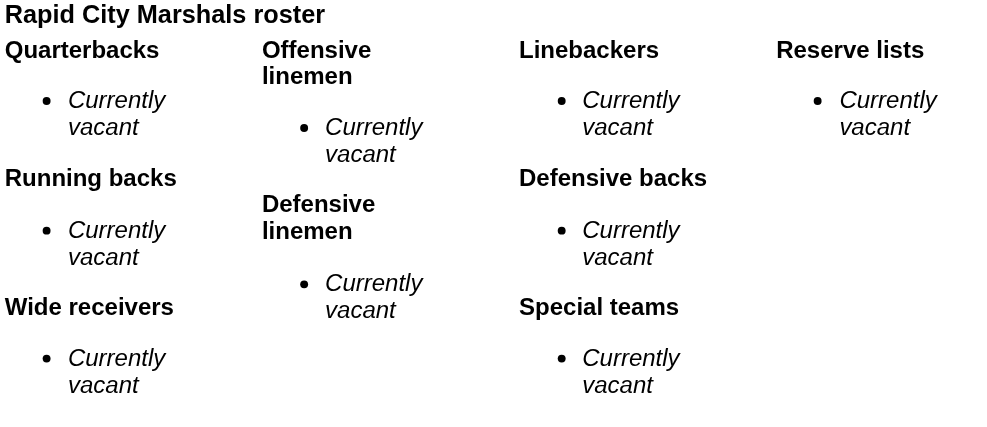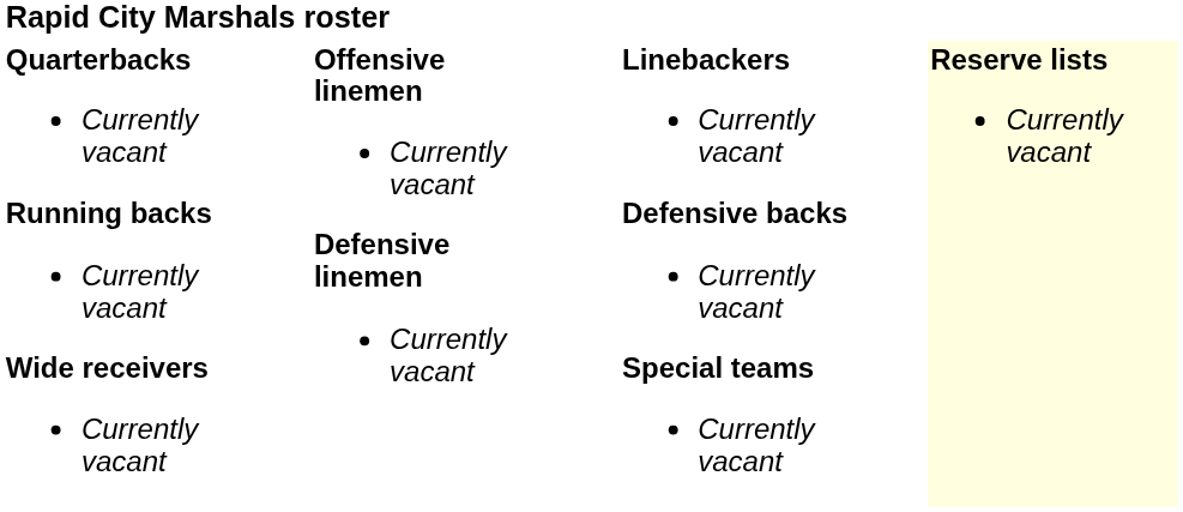 <table class="toccolours" style="text-align: left;">
 <tr>
 <th colspan="7">Rapid City Marshals roster</th>
 </tr>
 <tr>
 <td style="font-size: 95%;vertical-align:top;"><strong>Quarterbacks</strong><br><ul><li><em>Currently vacant</em></li></ul><strong>Running backs</strong><ul><li><em>Currently vacant</em></li></ul><strong>Wide receivers</strong><ul><li><em>Currently vacant</em></li></ul></td>
 <td style="width: 25px;"></td>
 <td style="font-size: 95%;vertical-align:top;"><strong>Offensive linemen</strong><br><ul><li><em>Currently vacant</em></li></ul><strong>Defensive linemen</strong><ul><li><em>Currently vacant</em></li></ul></td>
 <td style="width: 25px;"></td>
 <td style="font-size: 95%;vertical-align:top;"><strong>Linebackers</strong><br><ul><li><em>Currently vacant</em></li></ul><strong>Defensive backs</strong><ul><li><em>Currently vacant</em></li></ul><strong>Special teams</strong><ul><li><em>Currently vacant</em></li></ul></td>
 <td style="width: 25px;"></td>
-<td style="font-size: 95%;vertical-align:top;"><strong>Reserve lists</strong><br><ul><li><em>Currently vacant</em></li></ul></td>
+<td style="background: lightyellow; font-size: 95%;vertical-align:top;"><strong>Reserve lists</strong><br><ul><li><em>Currently vacant</em></li></ul></td>
 </tr>
 <tr>
 </tr>
 </table>
